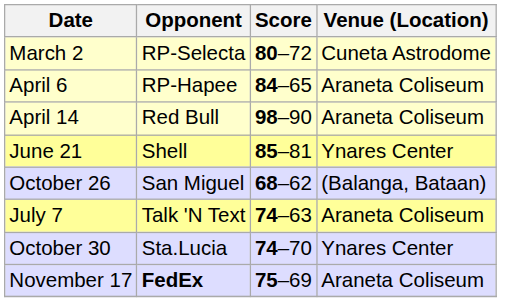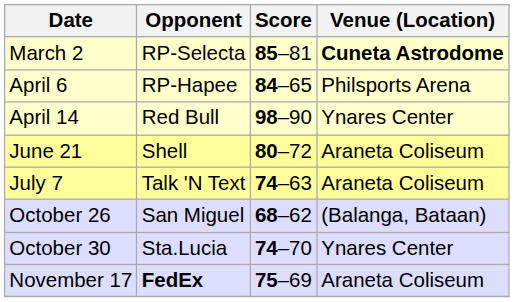 <table class="wikitable sortable sortable">
 <tr>
 <th>Date</th>
 <th>Opponent</th>
 <th>Score</th>
 <th>Venue (Location)</th>
 </tr>
 <tr bgcolor=#FFFFCC>
 <td>March 2</td>
 <td>RP-Selecta</td>
-<td><strong>80</strong>–72</td>
-<td>Cuneta Astrodome</td>
+<td><strong>85</strong>–81</td>
+<td><strong>Cuneta Astrodome</strong></td>
 </tr>
 <tr bgcolor=#FFFFCC>
 <td>April 6</td>
 <td>RP-Hapee</td>
 <td><strong>84</strong>–65</td>
-<td>Araneta Coliseum</td>
+<td>Philsports Arena </td>
 </tr>
 <tr bgcolor=#FFFFCC>
 <td>April 14</td>
 <td>Red Bull</td>
 <td><strong>98</strong>–90</td>
-<td>Araneta Coliseum</td>
+<td>Ynares Center</td>
 </tr>
 <tr bgcolor=#FFFF99>
 <td>June 21</td>
 <td>Shell</td>
-<td><strong>85</strong>–81</td>
-<td>Ynares Center</td>
+<td><strong>80</strong>–72</td>
+<td>Araneta Coliseum</td>
+</tr>
+<tr bgcolor=#FFFF99>
+<td>July 7</td>
+<td>Talk 'N Text</td>
+<td><strong>74</strong>–63</td>
+<td>Araneta Coliseum </td>
 </tr>
 <tr bgcolor=#DDDDFF>
 <td>October 26</td>
 <td>San Miguel</td>
 <td><strong>68</strong>–62</td>
 <td>(Balanga, Bataan)</td>
-</tr>
-<tr bgcolor=#FFFF99>
-<td>July 7</td>
-<td>Talk 'N Text</td>
-<td><strong>74</strong>–63</td>
-<td>Araneta Coliseum </td>
 </tr>
 <tr bgcolor=#DDDDFF>
 <td>October 30</td>
 <td>Sta.Lucia</td>
 <td><strong>74</strong>–70</td>
 <td>Ynares Center </td>
 </tr>
 <tr bgcolor=#DDDDFF>
 <td>November 17</td>
 <td><strong>FedEx</strong></td>
 <td><strong>75</strong>–69</td>
 <td>Araneta Coliseum</td>
 </tr>
 <tr>
 </tr>
 </table>
